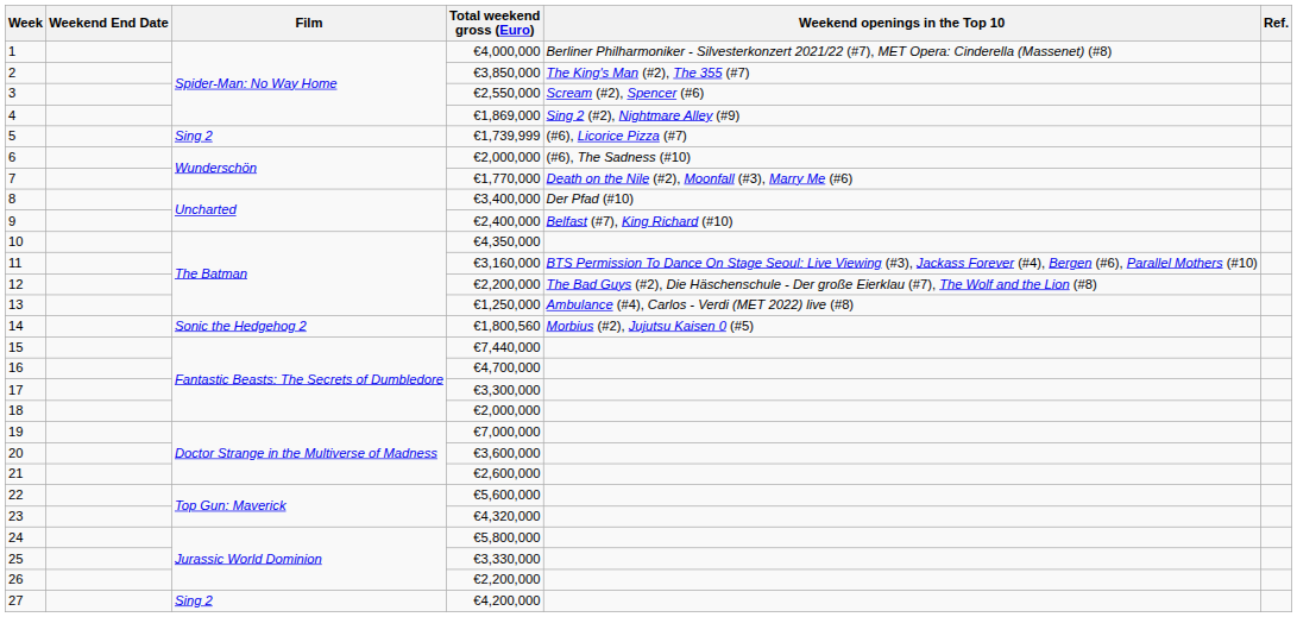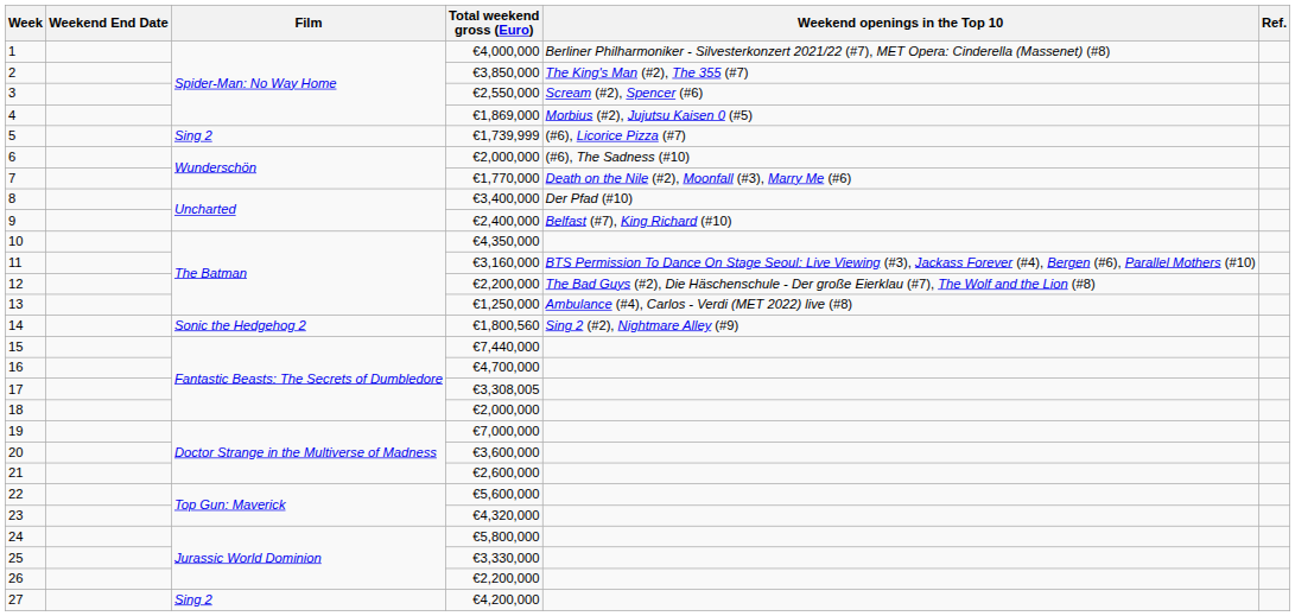 <table class="wikitable sortable">
 <tr>
 <th>Week</th>
 <th>Weekend End Date</th>
 <th>Film</th>
 <th>Total weekend<br>gross (<a href='#'>Euro</a>)</th>
 <th>Weekend openings in the Top 10</th>
 <th>Ref.</th>
 </tr>
 <tr>
 <td>1</td>
 <td></td>
 <td rowspan="4"><em><a href='#'>Spider-Man: No Way Home</a></em></td>
 <td style="text-align:right">€4,000,000</td>
 <td><em>Berliner Philharmoniker - Silvesterkonzert 2021/22</em> (#7), <em>MET Opera: Cinderella (Massenet)</em> (#8)</td>
 <td></td>
 </tr>
 <tr>
 <td>2</td>
 <td></td>
 <td style="text-align:right">€3,850,000</td>
 <td><em><a href='#'>The King's Man</a></em> (#2), <em><a href='#'>The 355</a></em> (#7)</td>
 <td></td>
 </tr>
 <tr>
 <td>3</td>
 <td></td>
 <td style="text-align:right">€2,550,000</td>
 <td><em><a href='#'>Scream</a></em> (#2), <em><a href='#'>Spencer</a></em> (#6)</td>
 <td></td>
 </tr>
 <tr>
 <td>4</td>
 <td></td>
 <td style="text-align:right">€1,869,000</td>
-<td><em><a href='#'>Sing 2</a></em> (#2), <em><a href='#'>Nightmare Alley</a></em> (#9)</td>
+<td><em><a href='#'>Morbius</a></em> (#2), <em><a href='#'>Jujutsu Kaisen 0</a></em> (#5)</td>
 <td></td>
 </tr>
 <tr>
 <td>5</td>
 <td></td>
 <td rowspan="1"><em><a href='#'>Sing 2</a></em></td>
 <td style="text-align:right">€1,739,999</td>
 <td><em></em> (#6), <em><a href='#'>Licorice Pizza</a></em> (#7)</td>
 <td></td>
 </tr>
 <tr>
 <td>6</td>
 <td></td>
 <td rowspan="2"><em><a href='#'>Wunderschön</a></em></td>
 <td style="text-align:right">€2,000,000</td>
 <td><em></em> (#6), <em>The Sadness</em> (#10)</td>
 <td></td>
 </tr>
 <tr>
 <td>7</td>
 <td></td>
 <td style="text-align:right">€1,770,000</td>
 <td><em><a href='#'>Death on the Nile</a></em> (#2), <em><a href='#'>Moonfall</a></em> (#3), <em><a href='#'>Marry Me</a></em> (#6)</td>
 <td></td>
 </tr>
 <tr>
 <td>8</td>
 <td></td>
 <td rowspan="2"><em><a href='#'>Uncharted</a></em></td>
 <td style="text-align:right">€3,400,000</td>
 <td><em>Der Pfad</em> (#10)</td>
 <td></td>
 </tr>
 <tr>
 <td>9</td>
 <td></td>
 <td style="text-align:right">€2,400,000</td>
 <td><em><a href='#'>Belfast</a></em> (#7), <em><a href='#'>King Richard</a></em> (#10)</td>
 <td></td>
 </tr>
 <tr>
 <td>10</td>
 <td></td>
 <td rowspan="4"><em><a href='#'>The Batman</a></em></td>
 <td style="text-align:right">€4,350,000</td>
 <td></td>
 <td></td>
 </tr>
 <tr>
 <td>11</td>
 <td></td>
 <td style="text-align:right">€3,160,000</td>
 <td><em><a href='#'>BTS Permission To Dance On Stage Seoul: Live Viewing</a></em> (#3), <em><a href='#'>Jackass Forever</a></em> (#4), <em><a href='#'>Bergen</a></em> (#6), <em><a href='#'>Parallel Mothers</a></em> (#10)</td>
 <td></td>
 </tr>
 <tr>
 <td>12</td>
 <td></td>
 <td style="text-align:right">€2,200,000</td>
 <td><em><a href='#'>The Bad Guys</a></em> (#2), <em>Die Häschenschule - Der große Eierklau</em> (#7), <em><a href='#'>The Wolf and the Lion</a></em> (#8)</td>
 <td></td>
 </tr>
 <tr>
 <td>13</td>
 <td></td>
 <td style="text-align:right">€1,250,000</td>
 <td><em><a href='#'>Ambulance</a></em> (#4), <em>Carlos - Verdi (MET 2022) live</em> (#8)</td>
 <td></td>
 </tr>
 <tr>
 <td>14</td>
 <td></td>
 <td><em><a href='#'>Sonic the Hedgehog 2</a></em></td>
 <td style="text-align:right">€1,800,560</td>
-<td><em><a href='#'>Morbius</a></em> (#2), <em><a href='#'>Jujutsu Kaisen 0</a></em> (#5)</td>
+<td><em><a href='#'>Sing 2</a></em> (#2), <em><a href='#'>Nightmare Alley</a></em> (#9)</td>
 <td></td>
 </tr>
 <tr>
 <td>15</td>
 <td></td>
 <td rowspan="4"><em><a href='#'>Fantastic Beasts: The Secrets of Dumbledore</a></em></td>
 <td style="text-align:right">€7,440,000</td>
 <td></td>
 <td></td>
 </tr>
 <tr>
 <td>16</td>
 <td></td>
 <td style="text-align:right">€4,700,000</td>
 <td></td>
 <td></td>
 </tr>
 <tr>
 <td>17</td>
 <td></td>
-<td style="text-align:right">€3,300,000</td>
+<td style="text-align:right">€3,308,005</td>
 <td></td>
 <td></td>
 </tr>
 <tr>
 <td>18</td>
 <td></td>
 <td style="text-align:right">€2,000,000</td>
 <td></td>
 <td></td>
 </tr>
 <tr>
 <td>19</td>
 <td></td>
 <td rowspan="3"><em><a href='#'>Doctor Strange in the Multiverse of Madness</a></em></td>
 <td style="text-align:right">€7,000,000</td>
 <td></td>
 <td></td>
 </tr>
 <tr>
 <td>20</td>
 <td></td>
 <td style="text-align:right">€3,600,000</td>
 <td></td>
 <td></td>
 </tr>
 <tr>
 <td>21</td>
 <td></td>
 <td style="text-align:right">€2,600,000</td>
 <td></td>
 <td></td>
 </tr>
 <tr>
 <td>22</td>
 <td></td>
 <td rowspan="2"><em><a href='#'>Top Gun: Maverick</a></em></td>
 <td style="text-align:right">€5,600,000</td>
 <td></td>
 <td></td>
 </tr>
 <tr>
 <td>23</td>
 <td></td>
 <td style="text-align:right">€4,320,000</td>
 <td></td>
 <td></td>
 </tr>
 <tr>
 <td>24</td>
 <td></td>
 <td rowspan="3"><em><a href='#'>Jurassic World Dominion</a></em></td>
 <td style="text-align:right">€5,800,000</td>
 <td></td>
 <td></td>
 </tr>
 <tr>
 <td>25</td>
 <td></td>
 <td style="text-align:right">€3,330,000</td>
 <td></td>
 <td></td>
 </tr>
 <tr>
 <td>26</td>
 <td></td>
 <td style="text-align:right">€2,200,000</td>
 <td></td>
 <td></td>
 </tr>
 <tr>
 <td>27</td>
 <td></td>
 <td rowspan="1"><em><a href='#'>Sing 2</a></em></td>
 <td style="text-align:right">€4,200,000</td>
 <td></td>
 <td></td>
 </tr>
 </table>
